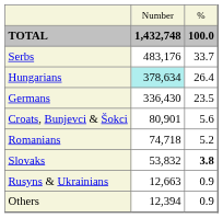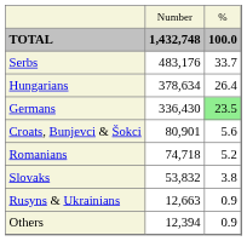 <table border=1 cellpadding=4 cellspacing=0 class="toccolours" style="align: left; margin: 0.5em 0 0 0; border-style: solid; border: 1px solid #7f7f7f; border-right-width: 2px; border-bottom-width: 2px; border-collapse: collapse; font-size: 95%;">
 <tr>
 <td style="background:#F5F5DC;"></td>
 <td style="background:#F5F5DC;" align="center"><small>Number</small></td>
 <td style="background:#F5F5DC;" align="center"><small>%</small></td>
 </tr>
 <tr>
 <td style="background:#c1c1c1;"><strong>TOTAL</strong></td>
 <td colspan=1 style="background:#c1c1c1;" align="center"><strong>1,432,748</strong></td>
 <td colspan=1 style="background:#c1c1c1;" align="center"><strong>100.0</strong></td>
 </tr>
 <tr>
 <td style="background:#F5F5DC;"><a href='#'>Serbs</a></td>
 <td align="right">483,176</td>
 <td align="right">33.7</td>
 </tr>
 <tr>
 <td style="background:#F5F5DC;"><a href='#'>Hungarians</a></td>
-<td align="right" style="background: paleturquoise;">378,634</td>
+<td align="right">378,634</td>
 <td align="right">26.4</td>
 </tr>
 <tr>
 <td style="background:#F5F5DC;"><a href='#'>Germans</a></td>
 <td align="right">336,430</td>
-<td align="right">23.5</td>
+<td align="right" style="background: lightgreen;">23.5</td>
 </tr>
 <tr>
 <td style="background:#F5F5DC;"><a href='#'>Croats</a>, <a href='#'>Bunjevci</a> & <a href='#'>Šokci</a></td>
 <td align="right">80,901</td>
 <td align="right">5.6</td>
 </tr>
 <tr>
 <td style="background:#F5F5DC;"><a href='#'>Romanians</a></td>
 <td align="right">74,718</td>
 <td align="right">5.2</td>
 </tr>
 <tr>
 <td style="background:#F5F5DC;"><a href='#'>Slovaks</a></td>
 <td align="right">53,832</td>
-<td align="right"><strong>3.8</strong></td>
+<td align="right">3.8</td>
 </tr>
 <tr>
 <td style="background:#F5F5DC;"><a href='#'>Rusyns</a> & <a href='#'>Ukrainians</a></td>
 <td align="right">12,663</td>
 <td align="right">0.9</td>
 </tr>
 <tr>
 <td style="background:#F5F5DC;">Others</td>
 <td align="right">12,394</td>
 <td align="right">0.9</td>
 </tr>
 <tr>
 </tr>
 </table>
